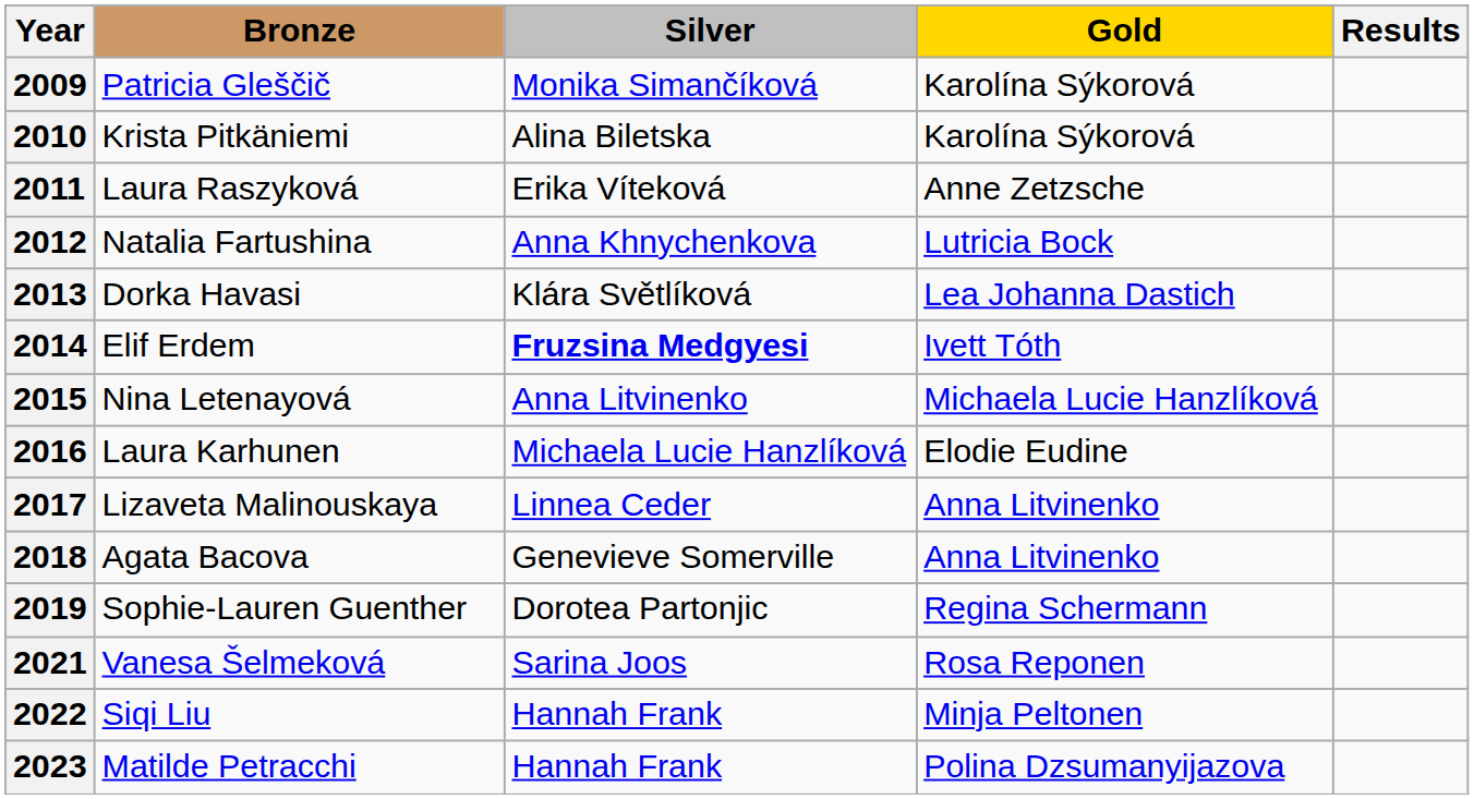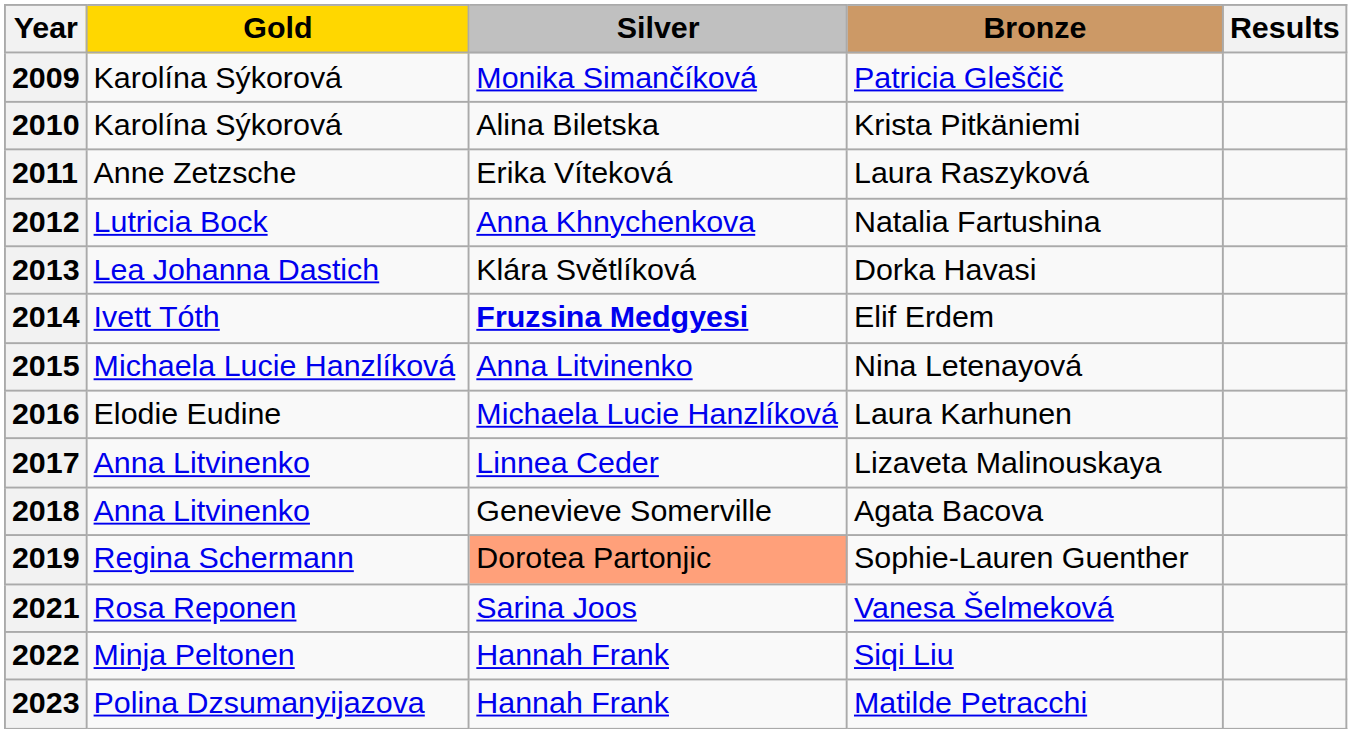 <table class="wikitable unsortable" style="text-align:left; width:80%;">
 <tr>
 <th scope="col" style="text-align:center;">Year</th>
+<td scope="col" style="text-align:center; width:30%; background:gold"><strong>Gold</strong></td>
+<td scope="col" style="text-align:center; width:30%; background:silver"><strong>Silver</strong></td>
 <td scope="col" style="text-align:center; width:30%; background:#c96"><strong>Bronze</strong></td>
-<td scope="col" style="text-align:center; width:30%; background:silver"><strong>Silver</strong></td>
-<td scope="col" style="text-align:center; width:30%; background:gold"><strong>Gold</strong></td>
 <th scope="col" style="text-align:center;">Results</th>
 </tr>
 <tr>
 <th scope="row" style="text-align:left">2009</th>
+<td> Karolína Sýkorová</td>
+<td> <a href='#'>Monika Simančíková</a></td>
 <td> <a href='#'>Patricia Gleščič</a></td>
-<td> <a href='#'>Monika Simančíková</a></td>
-<td> Karolína Sýkorová</td>
 <td></td>
 </tr>
 <tr>
 <th scope="row" style="text-align:left">2010</th>
+<td> Karolína Sýkorová</td>
+<td> Alina Biletska</td>
 <td> Krista Pitkäniemi</td>
-<td> Alina Biletska</td>
-<td> Karolína Sýkorová</td>
 <td></td>
 </tr>
 <tr>
 <th scope="row" style="text-align:left">2011</th>
+<td> Anne Zetzsche</td>
+<td> Erika Víteková</td>
 <td> Laura Raszyková</td>
-<td> Erika Víteková</td>
-<td> Anne Zetzsche</td>
 <td></td>
 </tr>
 <tr>
 <th scope="row" style="text-align:left">2012</th>
+<td> <a href='#'>Lutricia Bock</a></td>
+<td> <a href='#'>Anna Khnychenkova</a></td>
 <td> Natalia Fartushina</td>
-<td> <a href='#'>Anna Khnychenkova</a></td>
-<td> <a href='#'>Lutricia Bock</a></td>
 <td></td>
 </tr>
 <tr>
 <th scope="row" style="text-align:left">2013</th>
+<td> <a href='#'>Lea Johanna Dastich</a></td>
+<td> Klára Světlíková</td>
 <td> Dorka Havasi</td>
-<td> Klára Světlíková</td>
-<td> <a href='#'>Lea Johanna Dastich</a></td>
 <td></td>
 </tr>
 <tr>
 <th scope="row" style="text-align:left">2014</th>
+<td> <a href='#'>Ivett Tóth</a></td>
+<td><strong> <a href='#'>Fruzsina Medgyesi</a></strong></td>
 <td> Elif Erdem</td>
-<td><strong> <a href='#'>Fruzsina Medgyesi</a></strong></td>
-<td> <a href='#'>Ivett Tóth</a></td>
 <td></td>
 </tr>
 <tr>
 <th scope="row" style="text-align:left">2015</th>
+<td> <a href='#'>Michaela Lucie Hanzlíková</a></td>
+<td> <a href='#'>Anna Litvinenko</a></td>
 <td> Nina Letenayová</td>
-<td> <a href='#'>Anna Litvinenko</a></td>
-<td> <a href='#'>Michaela Lucie Hanzlíková</a></td>
 <td></td>
 </tr>
 <tr>
 <th scope="row" style="text-align:left">2016</th>
+<td> Elodie Eudine</td>
+<td> <a href='#'>Michaela Lucie Hanzlíková</a></td>
 <td> Laura Karhunen</td>
-<td> <a href='#'>Michaela Lucie Hanzlíková</a></td>
-<td> Elodie Eudine</td>
 <td></td>
 </tr>
 <tr>
 <th scope="row" style="text-align:left">2017</th>
+<td> <a href='#'>Anna Litvinenko</a></td>
+<td> <a href='#'>Linnea Ceder</a></td>
 <td> Lizaveta Malinouskaya</td>
-<td> <a href='#'>Linnea Ceder</a></td>
-<td> <a href='#'>Anna Litvinenko</a></td>
 <td></td>
 </tr>
 <tr>
 <th scope="row" style="text-align:left">2018</th>
+<td> <a href='#'>Anna Litvinenko</a></td>
+<td> Genevieve Somerville</td>
 <td> Agata Bacova</td>
-<td> Genevieve Somerville</td>
-<td> <a href='#'>Anna Litvinenko</a></td>
 <td></td>
 </tr>
 <tr>
 <th scope="row" style="text-align:left">2019</th>
+<td> <a href='#'>Regina Schermann</a></td>
+<td style="background: lightsalmon;"> Dorotea Partonjic</td>
 <td> Sophie-Lauren Guenther</td>
-<td> Dorotea Partonjic</td>
-<td> <a href='#'>Regina Schermann</a></td>
 <td></td>
 </tr>
 <tr>
 <th scope="row" style="text-align:left">2021</th>
+<td> <a href='#'>Rosa Reponen</a></td>
+<td> <a href='#'>Sarina Joos</a></td>
 <td> <a href='#'>Vanesa Šelmeková</a></td>
-<td> <a href='#'>Sarina Joos</a></td>
-<td> <a href='#'>Rosa Reponen</a></td>
 <td></td>
 </tr>
 <tr>
 <th scope="row" style="text-align:left">2022</th>
+<td> <a href='#'>Minja Peltonen</a></td>
+<td> <a href='#'>Hannah Frank</a></td>
 <td> <a href='#'>Siqi Liu</a></td>
-<td> <a href='#'>Hannah Frank</a></td>
-<td> <a href='#'>Minja Peltonen</a></td>
 <td></td>
 </tr>
 <tr>
 <th scope="row" style="text-align:left">2023</th>
+<td> <a href='#'>Polina Dzsumanyijazova</a></td>
+<td> <a href='#'>Hannah Frank</a></td>
 <td> <a href='#'>Matilde Petracchi</a></td>
-<td> <a href='#'>Hannah Frank</a></td>
-<td> <a href='#'>Polina Dzsumanyijazova</a></td>
 <td></td>
 </tr>
 </table>
